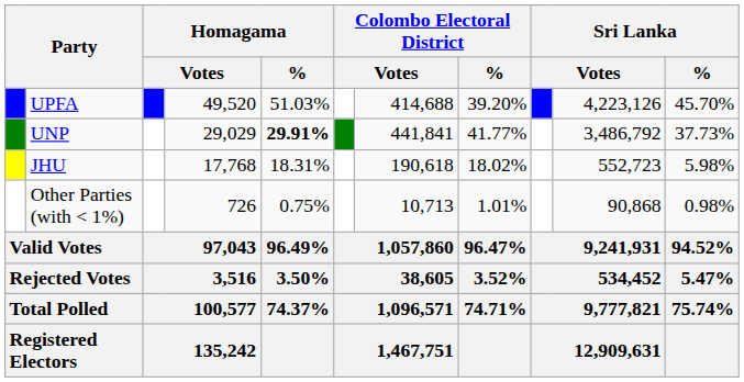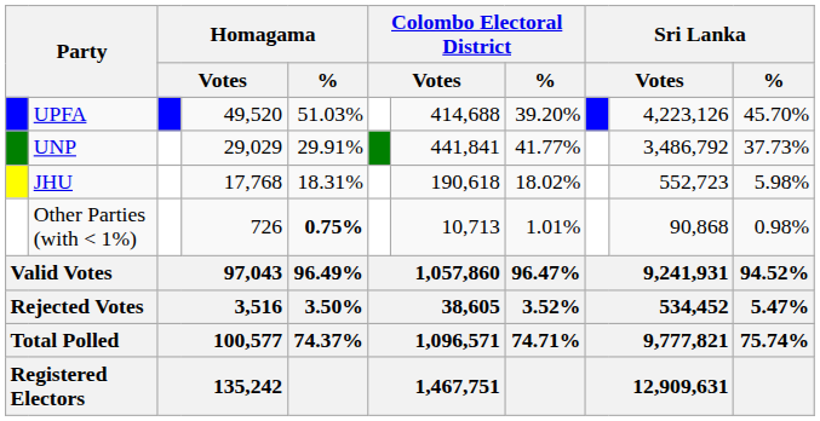 <table class="wikitable">
 <tr>
 <th colspan="2" width="144px"rowspan="2">Party</th>
 <th colspan="3" width="216px">Homagama</th>
 <th colspan="3" width="216px"><a href='#'>Colombo Electoral District</a></th>
 <th colspan="3" width="216px">Sri Lanka</th>
 </tr>
 <tr>
 <th colspan="2" width="144px">Votes</th>
 <th>%</th>
 <th colspan="2" width="144px">Votes</th>
 <th>%</th>
 <th colspan="2" width="144px">Votes</th>
 <th>%</th>
 </tr>
 <tr>
 <td style="background-color:blue;" width="10px"></td>
 <td style="text-align:left;"><a href='#'>UPFA</a></td>
 <td style="background-color:blue;" width="10px"></td>
 <td style="text-align:right;">49,520</td>
 <td style="text-align:right;">51.03%</td>
 <td style="background-color:white;" width="10px"></td>
 <td style="text-align:right;">414,688</td>
 <td style="text-align:right;">39.20%</td>
 <td style="background-color:blue;" width="10px"></td>
 <td style="text-align:right;">4,223,126</td>
 <td style="text-align:right;">45.70%</td>
 </tr>
 <tr>
 <td style="background-color:green;" width="10px"></td>
 <td style="text-align:left;"><a href='#'>UNP</a></td>
 <td style="background-color:white;" width="10px"></td>
 <td style="text-align:right;">29,029</td>
-<td style="text-align:right;"><strong>29.91%</strong></td>
+<td style="text-align:right;">29.91%</td>
 <td style="background-color:green;" width="10px"></td>
 <td style="text-align:right;">441,841</td>
 <td style="text-align:right;">41.77%</td>
 <td style="background-color:white;" width="10px"></td>
 <td style="text-align:right;">3,486,792</td>
 <td style="text-align:right;">37.73%</td>
 </tr>
 <tr>
 <td style="background-color:yellow;" width="10px"></td>
 <td style="text-align:left;"><a href='#'>JHU</a></td>
 <td style="background-color:white;" width="10px"></td>
 <td style="text-align:right;">17,768</td>
 <td style="text-align:right;">18.31%</td>
 <td style="background-color:white;" width="10px"></td>
 <td style="text-align:right;">190,618</td>
 <td style="text-align:right;">18.02%</td>
 <td style="background-color:white;" width="10px"></td>
 <td style="text-align:right;">552,723</td>
 <td style="text-align:right;">5.98%</td>
 </tr>
 <tr>
 <td style="background-color:white;" width="10px"></td>
 <td style="text-align:left;">Other Parties (with < 1%)</td>
 <td style="background-color:white;" width="10px"></td>
 <td style="text-align:right;">726</td>
-<td style="text-align:right;">0.75%</td>
+<td style="text-align:right;"><strong>0.75%</strong></td>
 <td style="background-color:white;" width="10px"></td>
 <td style="text-align:right;">10,713</td>
 <td style="text-align:right;">1.01%</td>
 <td style="background-color:white;" width="10px"></td>
 <td style="text-align:right;">90,868</td>
 <td style="text-align:right;">0.98%</td>
 </tr>
 <tr>
 <th colspan="2" width="144px"style="text-align:left;">Valid Votes</th>
 <th style="text-align:right;"colspan="2" width="144px">97,043</th>
 <th style="text-align:right;">96.49%</th>
 <th style="text-align:right;"colspan="2" width="144px">1,057,860</th>
 <th style="text-align:right;">96.47%</th>
 <th style="text-align:right;"colspan="2" width="144px">9,241,931</th>
 <th style="text-align:right;">94.52%</th>
 </tr>
 <tr>
 <th colspan="2" width="144px"style="text-align:left;">Rejected Votes</th>
 <th style="text-align:right;"colspan="2" width="144px">3,516</th>
 <th style="text-align:right;">3.50%</th>
 <th style="text-align:right;"colspan="2" width="144px">38,605</th>
 <th style="text-align:right;">3.52%</th>
 <th style="text-align:right;"colspan="2" width="144px">534,452</th>
 <th style="text-align:right;">5.47%</th>
 </tr>
 <tr>
 <th colspan="2" width="144px"style="text-align:left;">Total Polled</th>
 <th style="text-align:right;"colspan="2" width="144px">100,577</th>
 <th style="text-align:right;">74.37%</th>
 <th style="text-align:right;"colspan="2" width="144px">1,096,571</th>
 <th style="text-align:right;">74.71%</th>
 <th style="text-align:right;"colspan="2" width="144px">9,777,821</th>
 <th style="text-align:right;">75.74%</th>
 </tr>
 <tr>
 <th colspan="2" width="144px"style="text-align:left;">Registered Electors</th>
 <th style="text-align:right;"colspan="2" width="144px">135,242</th>
 <th></th>
 <th style="text-align:right;"colspan="2" width="144px">1,467,751</th>
 <th></th>
 <th style="text-align:right;"colspan="2" width="144px">12,909,631</th>
 <th></th>
 </tr>
 </table>
